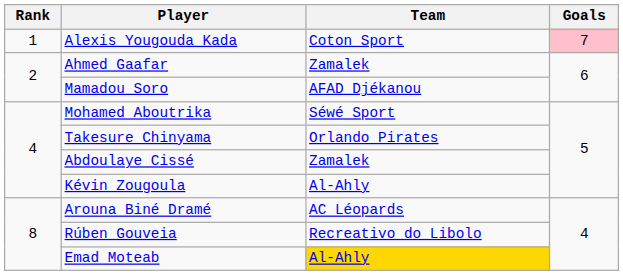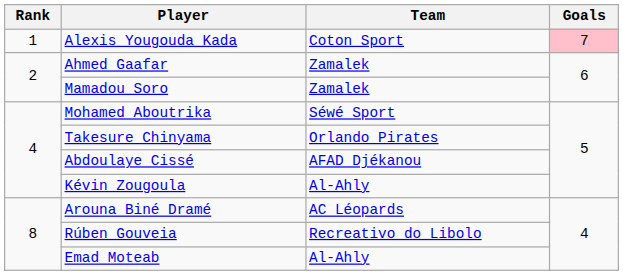 <table class="wikitable" style="text-align:center; font-size:90%" width=500>
 <tr>
 <th>Rank</th>
 <th>Player</th>
 <th>Team</th>
 <th>Goals</th>
 </tr>
 <tr>
 <td>1</td>
 <td align=left> <a href='#'>Alexis Yougouda Kada</a></td>
 <td align=left> <a href='#'>Coton Sport</a></td>
 <td style="background: pink;">7</td>
 </tr>
 <tr>
 <td rowspan=2>2</td>
 <td align=left> <a href='#'>Ahmed Gaafar</a></td>
 <td align=left> <a href='#'>Zamalek</a></td>
 <td rowspan=2>6</td>
 </tr>
 <tr>
 <td align=left> <a href='#'>Mamadou Soro</a></td>
-<td align=left> <a href='#'>AFAD Djékanou</a></td>
+<td align=left> <a href='#'>Zamalek</a></td>
 </tr>
 <tr>
 <td rowspan=4>4</td>
 <td align=left> <a href='#'>Mohamed Aboutrika</a></td>
 <td align=left> <a href='#'>Séwé Sport</a></td>
 <td rowspan=4>5</td>
 </tr>
 <tr>
 <td align=left> <a href='#'>Takesure Chinyama</a></td>
 <td align=left> <a href='#'>Orlando Pirates</a></td>
 </tr>
 <tr>
 <td align=left> <a href='#'>Abdoulaye Cissé</a></td>
-<td align=left> <a href='#'>Zamalek</a></td>
+<td align=left> <a href='#'>AFAD Djékanou</a></td>
 </tr>
 <tr>
 <td align=left> <a href='#'>Kévin Zougoula</a></td>
 <td align=left> <a href='#'>Al-Ahly</a></td>
 </tr>
 <tr>
 <td rowspan=3>8</td>
 <td align=left> <a href='#'>Arouna Biné Dramé</a></td>
 <td align=left> <a href='#'>AC Léopards</a></td>
 <td rowspan=3>4</td>
 </tr>
 <tr>
 <td align=left> <a href='#'>Rúben Gouveia</a></td>
 <td align=left> <a href='#'>Recreativo do Libolo</a></td>
 </tr>
 <tr>
 <td align=left> <a href='#'>Emad Moteab</a></td>
-<td align=left style="background: gold;"> <a href='#'>Al-Ahly</a></td>
+<td align=left> <a href='#'>Al-Ahly</a></td>
 </tr>
 </table>
